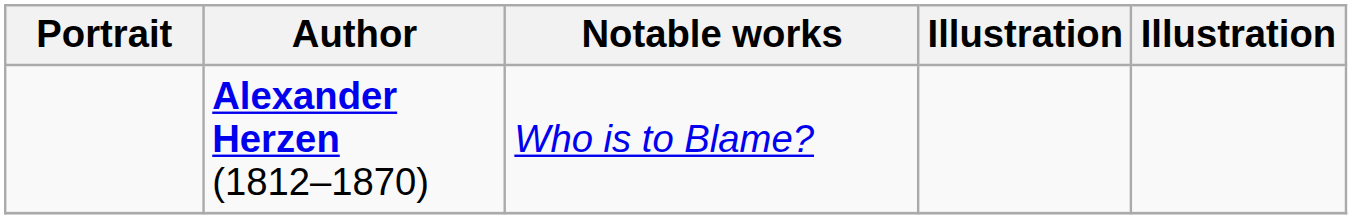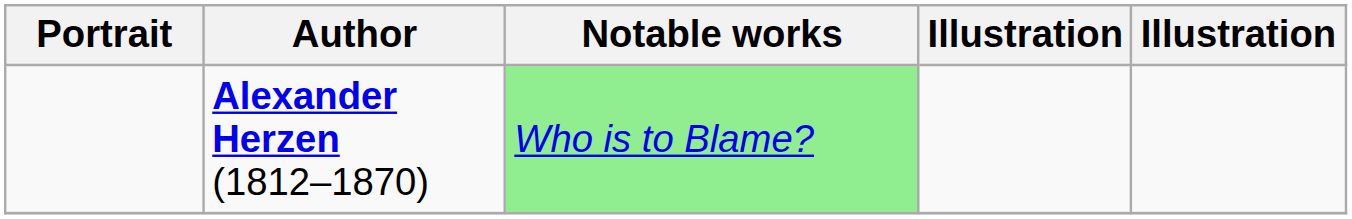 <table class="wikitable" style="width:90%;">
 <tr bgcolor="#cccccc">
 <th width=15%>Portrait</th>
 <th width=23%>Author</th>
 <th width=32%>Notable works</th>
 <th width=15%>Illustration</th>
 <th width=15%>Illustration</th>
 </tr>
 <tr>
 <td align=center></td>
 <td><strong><a href='#'>Alexander Herzen</a></strong><br>(1812–1870)</td>
-<td><em><a href='#'>Who is to Blame?</a></em></td>
+<td style="background: lightgreen;"><em><a href='#'>Who is to Blame?</a></em></td>
 <td align=center></td>
 <td align=center></td>
 </tr>
 <tr>
 </tr>
 </table>
